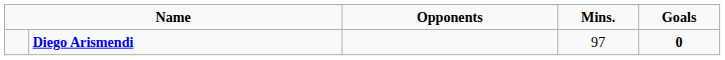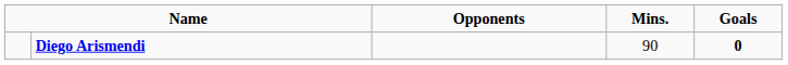 <table class= width=90% border="2" cellpadding="4" cellspacing="0" style="text-align=center: 1em 1em 1em 0; background: #f9f9f9; border: 1px #aaa solid; border-collapse: collapse; font-size: 95%;">
 <tr>
 <th width=25% colspan=2>Name</th>
 <th width=16%>Opponents</th>
 <th width=6%>Mins.</th>
 <th width=6%>Goals</th>
 </tr>
 <tr>
 <td align=center></td>
 <td><strong><a href='#'>Diego Arismendi</a></strong></td>
 <td></td>
-<td align=center>97</td>
+<td align=center>90</td>
 <td align=center><strong>0</strong></td>
 </tr>
 </table>
